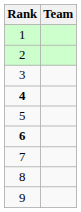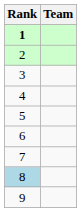 <table class=wikitable style="text-align: center;">
 <tr>
 <th>Rank</th>
 <th>Team</th>
 </tr>
 <tr style="background: #CCFFCC;">
-<td>1</td>
+<td><strong>1</strong></td>
 <td style="text-align: left;"><strong></strong></td>
 </tr>
 <tr style="background: #CCFFCC;">
 <td>2</td>
 <td style="text-align: left;"><strong></strong></td>
 </tr>
 <tr>
 <td>3</td>
 <td style="text-align: left;"></td>
 </tr>
 <tr>
-<td><strong>4</strong></td>
+<td>4</td>
 <td style="text-align: left;"></td>
 </tr>
 <tr>
 <td>5</td>
 <td style="text-align: left;"></td>
 </tr>
 <tr>
-<td><strong>6</strong></td>
+<td>6</td>
 <td style="text-align: left;"></td>
 </tr>
 <tr>
 <td>7</td>
 <td style="text-align: left;"></td>
 </tr>
 <tr>
-<td>8</td>
+<td style="background: lightblue;">8</td>
 <td style="text-align: left;"></td>
 </tr>
 <tr>
 <td>9</td>
 <td style="text-align: left;"></td>
 </tr>
 </table>
